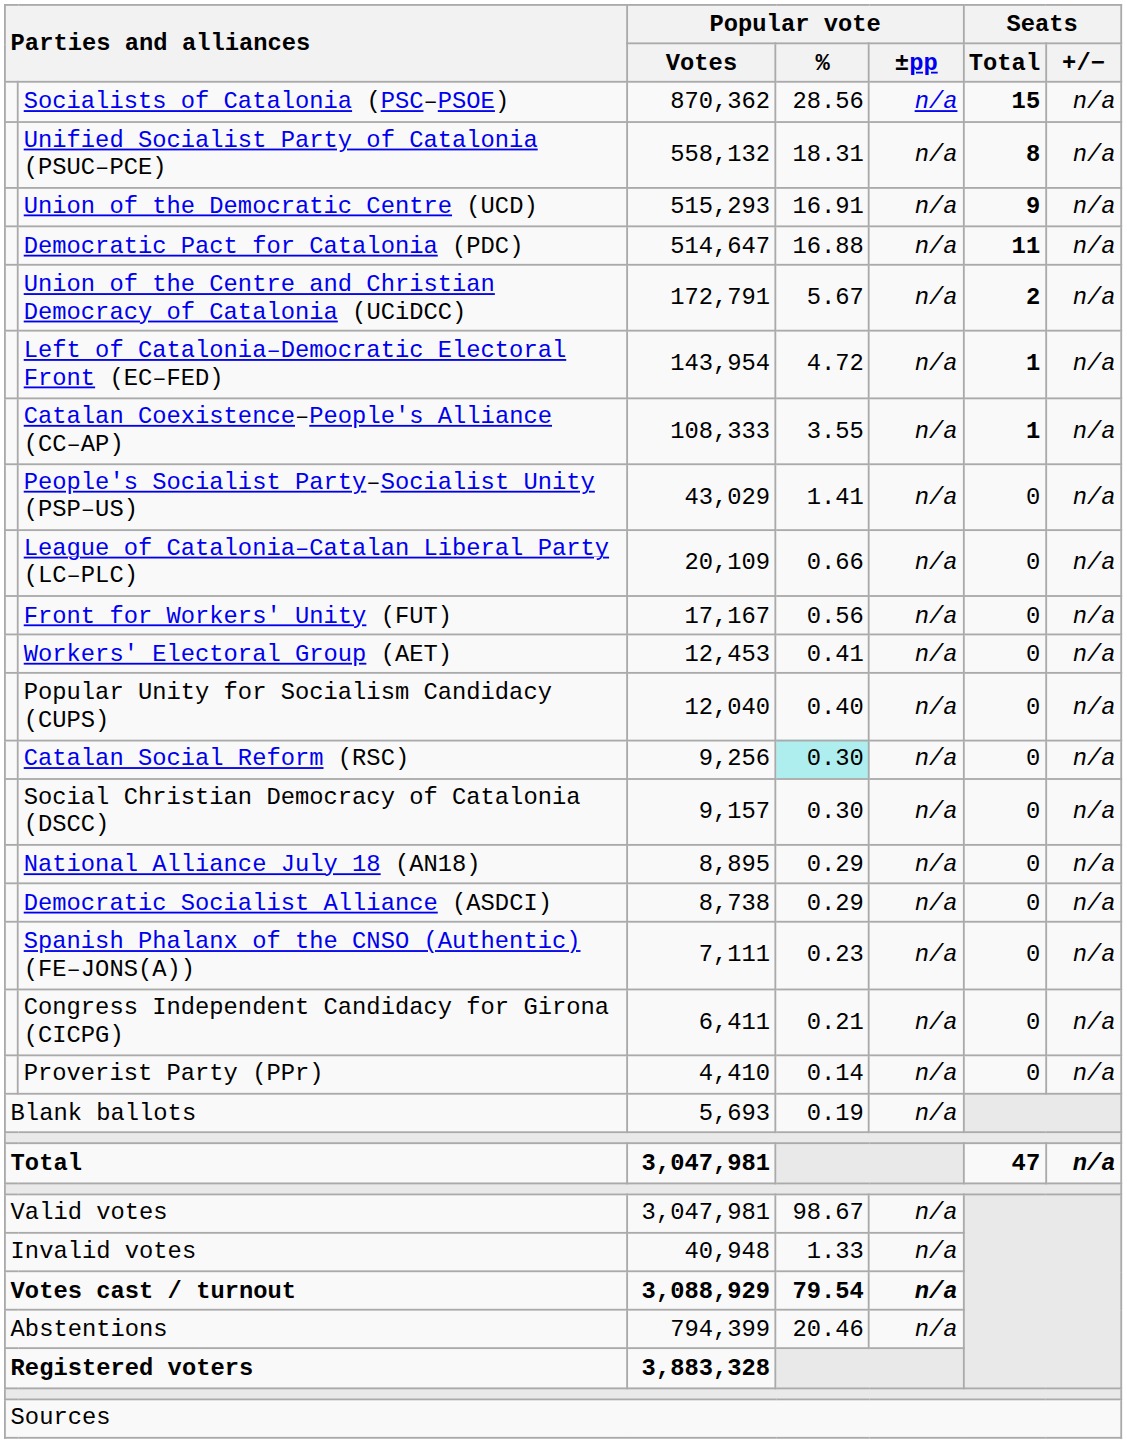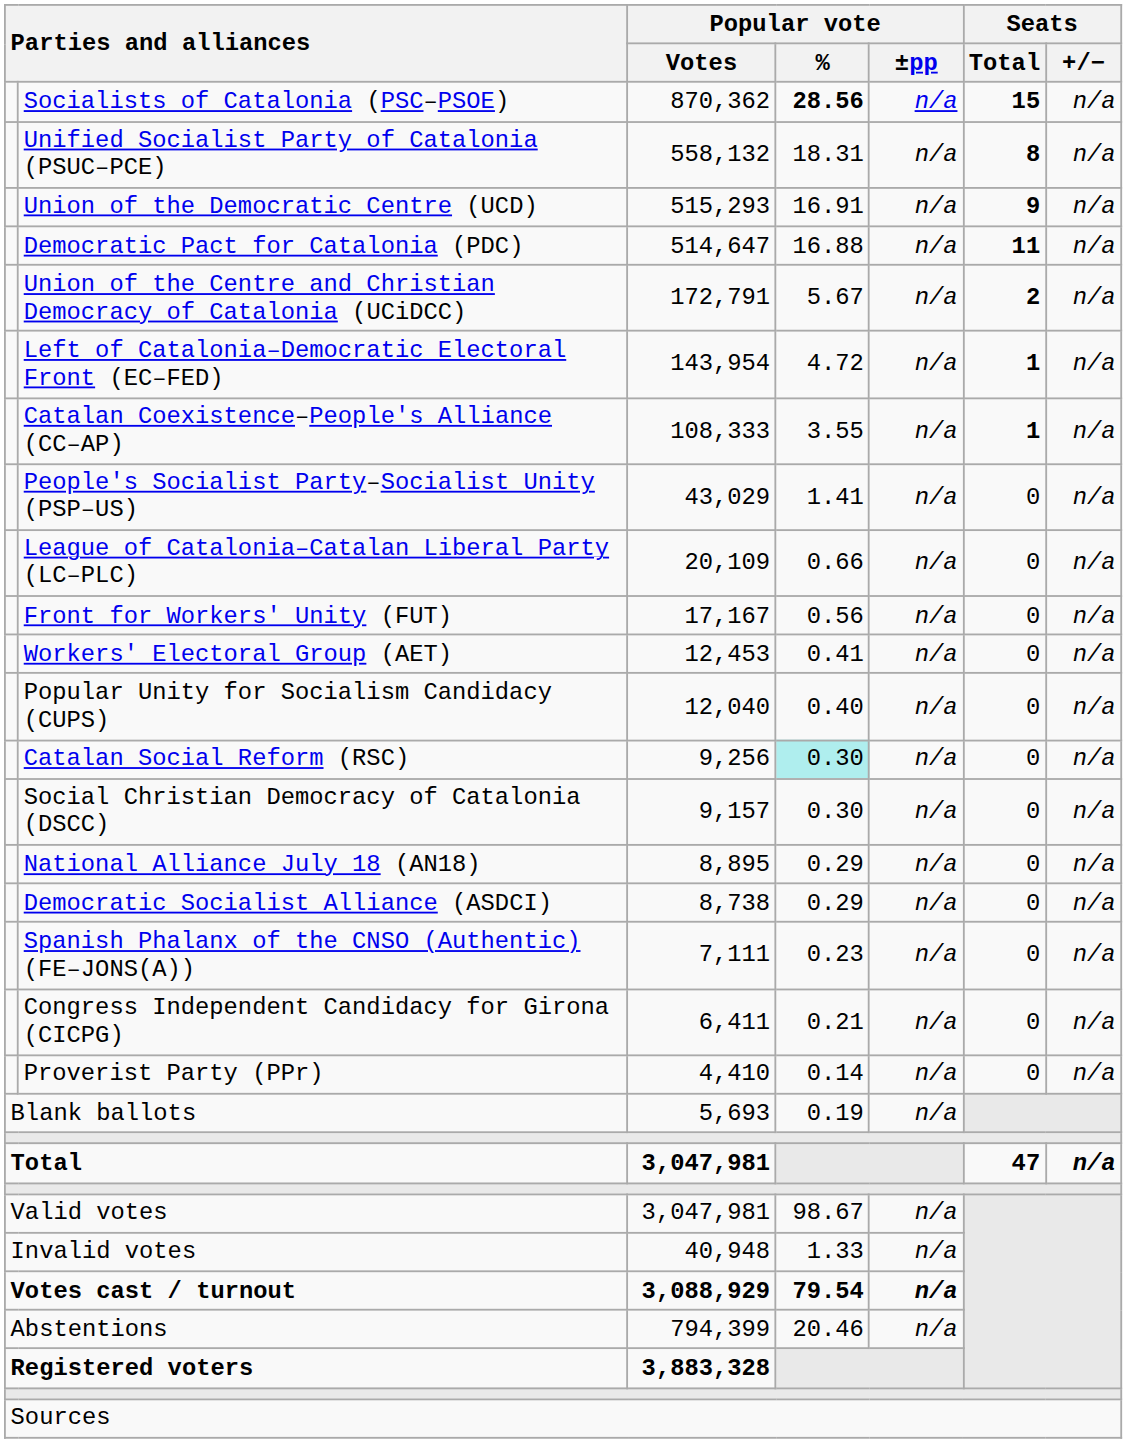 <table class="wikitable" style="text-align:right;">
 <tr>
 <th style="text-align:left;" rowspan="2" colspan="2" width="525">Parties and alliances</th>
 <th colspan="3">Popular vote</th>
 <th colspan="2">Seats</th>
 </tr>
 <tr>
 <th width="75">Votes</th>
 <th width="45">%</th>
 <th width="45">±<a href='#'>pp</a></th>
 <th width="35">Total</th>
 <th width="35">+/−</th>
 </tr>
 <tr>
 <td width="1" style="color:inherit;background:"></td>
 <td align="left"><a href='#'>Socialists of Catalonia</a> (<a href='#'>PSC</a>–<a href='#'>PSOE</a>)</td>
 <td>870,362</td>
-<td>28.56</td>
+<td><strong>28.56</strong></td>
 <td><em><a href='#'>n/a</a></em></td>
 <td><strong>15</strong></td>
 <td><em>n/a</em></td>
 </tr>
 <tr>
 <td style="color:inherit;background:"></td>
 <td align="left"><a href='#'>Unified Socialist Party of Catalonia</a> (PSUC–PCE)</td>
 <td>558,132</td>
 <td>18.31</td>
 <td><em>n/a</em></td>
 <td><strong>8</strong></td>
 <td><em>n/a</em></td>
 </tr>
 <tr>
 <td style="color:inherit;background:"></td>
 <td align="left"><a href='#'>Union of the Democratic Centre</a> (UCD)</td>
 <td>515,293</td>
 <td>16.91</td>
 <td><em>n/a</em></td>
 <td><strong>9</strong></td>
 <td><em>n/a</em></td>
 </tr>
 <tr>
 <td style="color:inherit;background:"></td>
 <td align="left"><a href='#'>Democratic Pact for Catalonia</a> (PDC)</td>
 <td>514,647</td>
 <td>16.88</td>
 <td><em>n/a</em></td>
 <td><strong>11</strong></td>
 <td><em>n/a</em></td>
 </tr>
 <tr>
 <td style="color:inherit;background:"></td>
 <td align="left"><a href='#'>Union of the Centre and Christian Democracy of Catalonia</a> (UCiDCC)</td>
 <td>172,791</td>
 <td>5.67</td>
 <td><em>n/a</em></td>
 <td><strong>2</strong></td>
 <td><em>n/a</em></td>
 </tr>
 <tr>
 <td style="color:inherit;background:"></td>
 <td align="left"><a href='#'>Left of Catalonia–Democratic Electoral Front</a> (EC–FED)</td>
 <td>143,954</td>
 <td>4.72</td>
 <td><em>n/a</em></td>
 <td><strong>1</strong></td>
 <td><em>n/a</em></td>
 </tr>
 <tr>
 <td style="color:inherit;background:"></td>
 <td align="left"><a href='#'>Catalan Coexistence</a>–<a href='#'>People's Alliance</a> (CC–AP)</td>
 <td>108,333</td>
 <td>3.55</td>
 <td><em>n/a</em></td>
 <td><strong>1</strong></td>
 <td><em>n/a</em></td>
 </tr>
 <tr>
 <td style="color:inherit;background:"></td>
 <td align="left"><a href='#'>People's Socialist Party</a>–<a href='#'>Socialist Unity</a> (PSP–US)</td>
 <td>43,029</td>
 <td>1.41</td>
 <td><em>n/a</em></td>
 <td>0</td>
 <td><em>n/a</em></td>
 </tr>
 <tr>
 <td style="color:inherit;background:"></td>
 <td align="left"><a href='#'>League of Catalonia–Catalan Liberal Party</a> (LC–PLC)</td>
 <td>20,109</td>
 <td>0.66</td>
 <td><em>n/a</em></td>
 <td>0</td>
 <td><em>n/a</em></td>
 </tr>
 <tr>
 <td style="color:inherit;background:"></td>
 <td align="left"><a href='#'>Front for Workers' Unity</a> (FUT)</td>
 <td>17,167</td>
 <td>0.56</td>
 <td><em>n/a</em></td>
 <td>0</td>
 <td><em>n/a</em></td>
 </tr>
 <tr>
 <td style="color:inherit;background:"></td>
 <td align="left"><a href='#'>Workers' Electoral Group</a> (AET)</td>
 <td>12,453</td>
 <td>0.41</td>
 <td><em>n/a</em></td>
 <td>0</td>
 <td><em>n/a</em></td>
 </tr>
 <tr>
 <td style="color:inherit;background:"></td>
 <td align="left">Popular Unity for Socialism Candidacy (CUPS)</td>
 <td>12,040</td>
 <td>0.40</td>
 <td><em>n/a</em></td>
 <td>0</td>
 <td><em>n/a</em></td>
 </tr>
 <tr>
 <td style="color:inherit;background:"></td>
 <td align="left"><a href='#'>Catalan Social Reform</a> (RSC)</td>
 <td>9,256</td>
 <td style="background: paleturquoise;">0.30</td>
 <td><em>n/a</em></td>
 <td>0</td>
 <td><em>n/a</em></td>
 </tr>
 <tr>
 <td style="color:inherit;background:"></td>
 <td align="left">Social Christian Democracy of Catalonia (DSCC)</td>
 <td>9,157</td>
 <td>0.30</td>
 <td><em>n/a</em></td>
 <td>0</td>
 <td><em>n/a</em></td>
 </tr>
 <tr>
 <td style="color:inherit;background:"></td>
 <td align="left"><a href='#'>National Alliance July 18</a> (AN18)</td>
 <td>8,895</td>
 <td>0.29</td>
 <td><em>n/a</em></td>
 <td>0</td>
 <td><em>n/a</em></td>
 </tr>
 <tr>
 <td style="color:inherit;background:"></td>
 <td align="left"><a href='#'>Democratic Socialist Alliance</a> (ASDCI)</td>
 <td>8,738</td>
 <td>0.29</td>
 <td><em>n/a</em></td>
 <td>0</td>
 <td><em>n/a</em></td>
 </tr>
 <tr>
 <td style="color:inherit;background:"></td>
 <td align="left"><a href='#'>Spanish Phalanx of the CNSO (Authentic)</a> (FE–JONS(A))</td>
 <td>7,111</td>
 <td>0.23</td>
 <td><em>n/a</em></td>
 <td>0</td>
 <td><em>n/a</em></td>
 </tr>
 <tr>
 <td style="color:inherit;background:"></td>
 <td align="left">Congress Independent Candidacy for Girona (CICPG)</td>
 <td>6,411</td>
 <td>0.21</td>
 <td><em>n/a</em></td>
 <td>0</td>
 <td><em>n/a</em></td>
 </tr>
 <tr>
 <td style="color:inherit;background:"></td>
 <td align="left">Proverist Party (PPr)</td>
 <td>4,410</td>
 <td>0.14</td>
 <td><em>n/a</em></td>
 <td>0</td>
 <td><em>n/a</em></td>
 </tr>
 <tr>
 <td align="left" colspan="2">Blank ballots</td>
 <td>5,693</td>
 <td>0.19</td>
 <td><em>n/a</em></td>
 <td bgcolor="#E9E9E9" colspan="2"></td>
 </tr>
 <tr>
 <td colspan="7" bgcolor="#E9E9E9"></td>
 </tr>
 <tr style="font-weight:bold;">
 <td align="left" colspan="2">Total</td>
 <td>3,047,981</td>
 <td bgcolor="#E9E9E9" colspan="2"></td>
 <td>47</td>
 <td><em>n/a</em></td>
 </tr>
 <tr>
 <td colspan="7" bgcolor="#E9E9E9"></td>
 </tr>
 <tr>
 <td align="left" colspan="2">Valid votes</td>
 <td>3,047,981</td>
 <td>98.67</td>
 <td><em>n/a</em></td>
 <td bgcolor="#E9E9E9" colspan="2" rowspan="5"></td>
 </tr>
 <tr>
 <td align="left" colspan="2">Invalid votes</td>
 <td>40,948</td>
 <td>1.33</td>
 <td><em>n/a</em></td>
 </tr>
 <tr style="font-weight:bold;">
 <td align="left" colspan="2">Votes cast / turnout</td>
 <td>3,088,929</td>
 <td>79.54</td>
 <td><em>n/a</em></td>
 </tr>
 <tr>
 <td align="left" colspan="2">Abstentions</td>
 <td>794,399</td>
 <td>20.46</td>
 <td><em>n/a</em></td>
 </tr>
 <tr style="font-weight:bold;">
 <td align="left" colspan="2">Registered voters</td>
 <td>3,883,328</td>
 <td bgcolor="#E9E9E9" colspan="2"></td>
 </tr>
 <tr>
 <td colspan="7" bgcolor="#E9E9E9"></td>
 </tr>
 <tr>
 <td align="left" colspan="7">Sources</td>
 </tr>
 </table>
